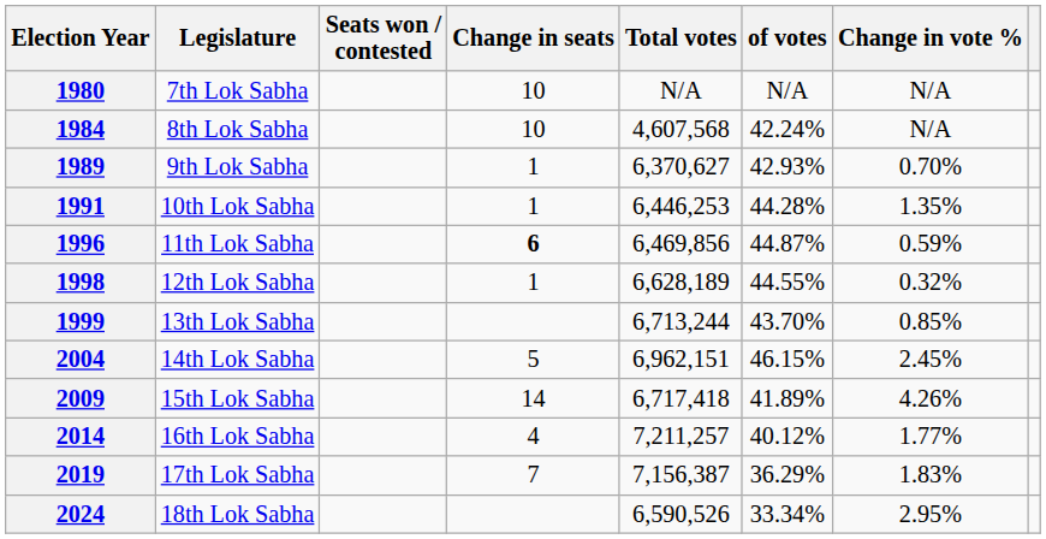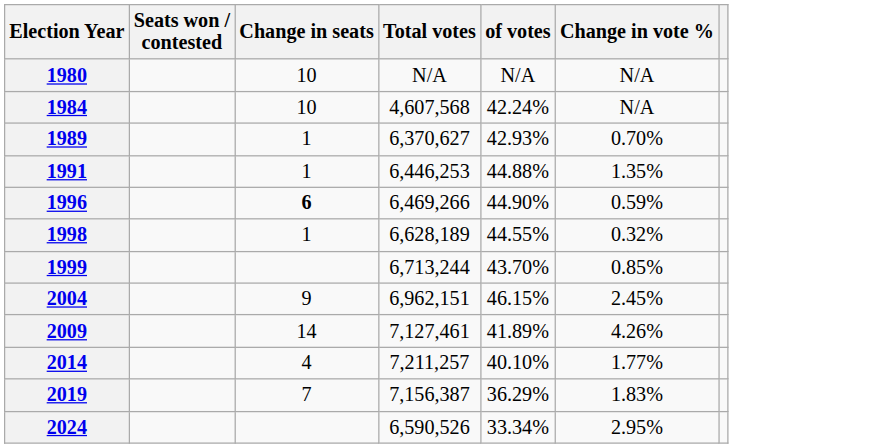 <table class="wikitable sortable">
 <tr>
 <th Style="background-color:">Election Year</th>
-<th Style="background-color:">Legislature</th>
 <th Style="background-color:">Seats won /<br> contested</th>
 <th Style="background-color:">Change in seats</th>
 <th Style="background-color:">Total votes</th>
 <th Style="background-color:"> of votes</th>
 <th Style="background-color:">Change in vote %</th>
 <th Style="background-color:"></th>
 </tr>
 <tr style="text-align:center;">
 <th><a href='#'>1980</a></th>
-<td><a href='#'>7th Lok Sabha</a></td>
 <td></td>
 <td> 10</td>
 <td>N/A</td>
 <td>N/A</td>
 <td>N/A</td>
 <td></td>
 </tr>
 <tr style="text-align:center;">
 <th><a href='#'>1984</a></th>
-<td><a href='#'>8th Lok Sabha</a></td>
 <td></td>
 <td> 10</td>
 <td>4,607,568</td>
 <td>42.24%</td>
 <td>N/A</td>
 <td></td>
 </tr>
 <tr style="text-align:center;">
 <th><a href='#'>1989</a></th>
-<td><a href='#'>9th Lok Sabha</a></td>
 <td></td>
 <td> 1</td>
 <td>6,370,627</td>
 <td>42.93%</td>
 <td> 0.70%</td>
 <td></td>
 </tr>
 <tr style="text-align:center;">
 <th><a href='#'>1991</a></th>
-<td><a href='#'>10th Lok Sabha</a></td>
 <td></td>
 <td> 1</td>
 <td>6,446,253</td>
-<td>44.28%</td>
+<td>44.88%</td>
 <td> 1.35%</td>
 <td></td>
 </tr>
 <tr style="text-align:center;">
 <th><a href='#'>1996</a></th>
-<td><a href='#'>11th Lok Sabha</a></td>
 <td></td>
 <td><strong> 6</strong></td>
-<td>6,469,856</td>
-<td>44.87%</td>
+<td>6,469,266</td>
+<td>44.90%</td>
 <td> 0.59%</td>
 <td></td>
 </tr>
 <tr style="text-align:center;">
 <th><a href='#'>1998</a></th>
-<td><a href='#'>12th Lok Sabha</a></td>
 <td></td>
 <td> 1</td>
 <td>6,628,189</td>
 <td>44.55%</td>
 <td> 0.32%</td>
 <td></td>
 </tr>
 <tr style="text-align:center;">
 <th><a href='#'>1999</a></th>
-<td><a href='#'>13th Lok Sabha</a></td>
 <td></td>
 <td></td>
 <td>6,713,244</td>
 <td>43.70%</td>
 <td> 0.85%</td>
 <td></td>
 </tr>
 <tr style="text-align:center;">
 <th><a href='#'>2004</a></th>
-<td><a href='#'>14th Lok Sabha</a></td>
 <td></td>
-<td> 5</td>
+<td> 9</td>
 <td>6,962,151</td>
 <td>46.15%</td>
 <td> 2.45%</td>
 <td></td>
 </tr>
 <tr style="text-align:center;">
 <th><a href='#'>2009</a></th>
-<td><a href='#'>15th Lok Sabha</a></td>
 <td></td>
 <td> 14</td>
-<td>6,717,418</td>
+<td>7,127,461</td>
 <td>41.89%</td>
 <td> 4.26%</td>
 <td></td>
 </tr>
 <tr style="text-align:center;">
 <th><a href='#'>2014</a></th>
-<td><a href='#'>16th Lok Sabha</a></td>
 <td></td>
 <td> 4</td>
 <td>7,211,257</td>
-<td>40.12%</td>
+<td>40.10%</td>
 <td> 1.77%</td>
 <td></td>
 </tr>
 <tr style="text-align:center;">
 <th><a href='#'>2019</a></th>
-<td><a href='#'>17th Lok Sabha</a></td>
 <td></td>
 <td> 7</td>
 <td>7,156,387</td>
 <td>36.29%</td>
 <td> 1.83%</td>
 <td></td>
 </tr>
 <tr style="text-align:center;">
 <th><a href='#'>2024</a></th>
-<td><a href='#'>18th Lok Sabha</a></td>
 <td></td>
 <td></td>
 <td>6,590,526</td>
 <td>33.34%</td>
 <td> 2.95%</td>
 <td></td>
 </tr>
 </table>
